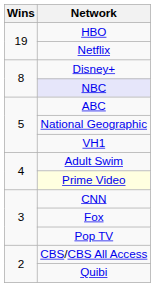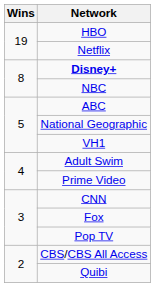 <table class="wikitable sortable" style="text-align: center; max-width:29em">
 <tr>
 <th scope="col">Wins</th>
 <th scope="col">Network</th>
 </tr>
 <tr>
 <td scope="row" rowspan="2">19</td>
 <td><a href='#'>HBO</a></td>
 </tr>
 <tr>
 <td><a href='#'>Netflix</a></td>
 </tr>
 <tr>
 <td scope="row" rowspan="2">8</td>
-<td><a href='#'>Disney+</a></td>
+<td><strong><a href='#'>Disney+</a></strong></td>
 </tr>
 <tr>
-<td style="background: lavender;"><a href='#'>NBC</a></td>
+<td><a href='#'>NBC</a></td>
 </tr>
 <tr>
 <td scope="row" rowspan="3">5</td>
 <td><a href='#'>ABC</a></td>
 </tr>
 <tr>
 <td><a href='#'>National Geographic</a></td>
 </tr>
 <tr>
 <td><a href='#'>VH1</a></td>
 </tr>
 <tr>
 <td scope="row" rowspan="2">4</td>
 <td><a href='#'>Adult Swim</a></td>
 </tr>
 <tr>
-<td style="background: lightyellow;"><a href='#'>Prime Video</a></td>
+<td><a href='#'>Prime Video</a></td>
 </tr>
 <tr>
 <td scope="row" rowspan="3">3</td>
 <td><a href='#'>CNN</a></td>
 </tr>
 <tr>
 <td><a href='#'>Fox</a></td>
 </tr>
 <tr>
 <td><a href='#'>Pop TV</a></td>
 </tr>
 <tr>
 <td scope="row" rowspan="2">2</td>
 <td><a href='#'>CBS</a>/<a href='#'>CBS All Access</a></td>
 </tr>
 <tr>
 <td><a href='#'>Quibi</a></td>
 </tr>
 </table>
